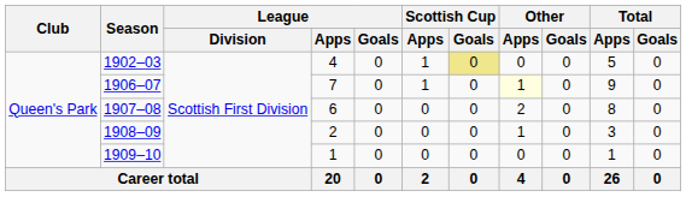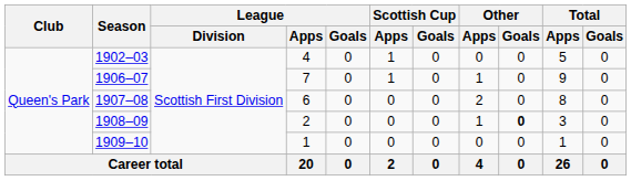 <table class="wikitable" style="text-align: center;">
 <tr>
 <th rowspan="2">Club</th>
 <th rowspan="2">Season</th>
 <th colspan="3">League</th>
 <th colspan="2">Scottish Cup</th>
 <th colspan="2">Other</th>
 <th colspan="2">Total</th>
 </tr>
 <tr>
 <th>Division</th>
 <th>Apps</th>
 <th>Goals</th>
 <th>Apps</th>
 <th>Goals</th>
 <th>Apps</th>
 <th>Goals</th>
 <th>Apps</th>
 <th>Goals</th>
 </tr>
 <tr>
 <td rowspan="5"><a href='#'>Queen's Park</a></td>
 <td><a href='#'>1902–03</a></td>
 <td rowspan="5"><a href='#'>Scottish First Division</a></td>
 <td>4</td>
 <td>0</td>
 <td>1</td>
-<td style="background: khaki;">0</td>
+<td>0</td>
 <td>0</td>
 <td>0</td>
 <td>5</td>
 <td>0</td>
 </tr>
 <tr>
 <td><a href='#'>1906–07</a></td>
 <td>7</td>
 <td>0</td>
 <td>1</td>
 <td>0</td>
-<td style="background: lightyellow;">1</td>
+<td>1</td>
 <td>0</td>
 <td>9</td>
 <td>0</td>
 </tr>
 <tr>
 <td><a href='#'>1907–08</a></td>
 <td>6</td>
 <td>0</td>
 <td>0</td>
 <td>0</td>
 <td>2</td>
 <td>0</td>
 <td>8</td>
 <td>0</td>
 </tr>
 <tr>
 <td><a href='#'>1908–09</a></td>
 <td>2</td>
 <td>0</td>
 <td>0</td>
 <td>0</td>
 <td>1</td>
-<td>0</td>
+<td><strong>0</strong></td>
 <td>3</td>
 <td>0</td>
 </tr>
 <tr>
 <td><a href='#'>1909–10</a></td>
 <td>1</td>
 <td>0</td>
 <td>0</td>
 <td>0</td>
 <td>0</td>
 <td>0</td>
 <td>1</td>
 <td>0</td>
 </tr>
 <tr>
 <th colspan="3">Career total</th>
 <th>20</th>
 <th>0</th>
 <th>2</th>
 <th>0</th>
 <th>4</th>
 <th>0</th>
 <th>26</th>
 <th>0</th>
 </tr>
 </table>
